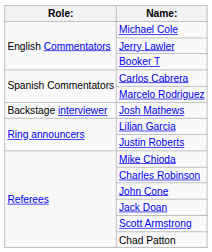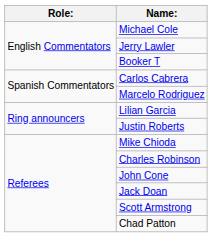 <table class=wikitable style="font-size:90%; margin: 0.5em 0 0.5em 1em; float: right; clear: right;">
 <tr>
 <th>Role:</th>
 <th>Name:</th>
 </tr>
 <tr>
 <td rowspan=3>English <a href='#'>Commentators</a></td>
 <td><a href='#'>Michael Cole</a></td>
 </tr>
 <tr>
 <td><a href='#'>Jerry Lawler</a></td>
 </tr>
 <tr>
 <td><a href='#'>Booker T</a></td>
 </tr>
 <tr>
 <td rowspan=2>Spanish Commentators</td>
 <td><a href='#'>Carlos Cabrera</a></td>
 </tr>
 <tr>
 <td><a href='#'>Marcelo Rodriguez</a></td>
-</tr>
-<tr>
-<td>Backstage <a href='#'>interviewer</a></td>
-<td><a href='#'>Josh Mathews</a></td>
 </tr>
 <tr>
 <td rowspan=2><a href='#'>Ring announcers</a></td>
 <td><a href='#'>Lilian Garcia</a></td>
 </tr>
 <tr>
 <td><a href='#'>Justin Roberts</a></td>
 </tr>
 <tr>
 <td rowspan=6><a href='#'>Referees</a></td>
 <td><a href='#'>Mike Chioda</a></td>
 </tr>
 <tr>
 <td><a href='#'>Charles Robinson</a></td>
 </tr>
 <tr>
 <td><a href='#'>John Cone</a></td>
 </tr>
 <tr>
 <td><a href='#'>Jack Doan</a></td>
 </tr>
 <tr>
 <td><a href='#'>Scott Armstrong</a></td>
 </tr>
 <tr>
 <td>Chad Patton</td>
 </tr>
 </table>
